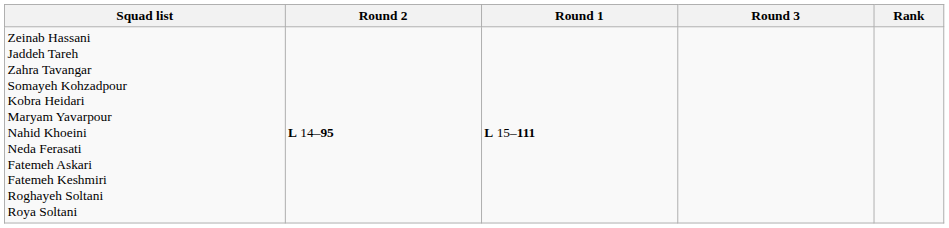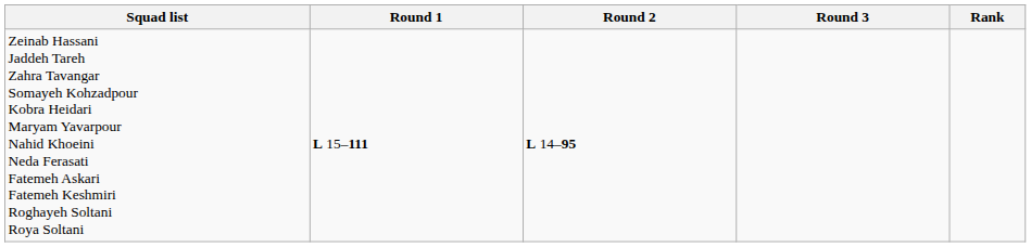 <table class="wikitable" width="80%" style="text-align:left; font-size:90%">
 <tr>
 <th width="20%">Squad list</th>
+<th width="14%">Round 1</th>
 <th width="14%">Round 2</th>
-<th width="14%">Round 1</th>
 <th width="14%">Round 3</th>
 <th width="5%">Rank</th>
 </tr>
 <tr>
 <td>Zeinab Hassani<br>Jaddeh Tareh<br>Zahra Tavangar<br>Somayeh Kohzadpour<br>Kobra Heidari<br>Maryam Yavarpour<br>Nahid Khoeini<br>Neda Ferasati<br>Fatemeh Askari<br>Fatemeh Keshmiri<br>Roghayeh Soltani<br>Roya Soltani</td>
+<td><br><strong>L</strong> 15–<strong>111</strong></td>
 <td><br><strong>L</strong> 14–<strong>95</strong></td>
-<td><br><strong>L</strong> 15–<strong>111</strong></td>
 <td><br></td>
 <td align="center"></td>
 </tr>
 </table>
